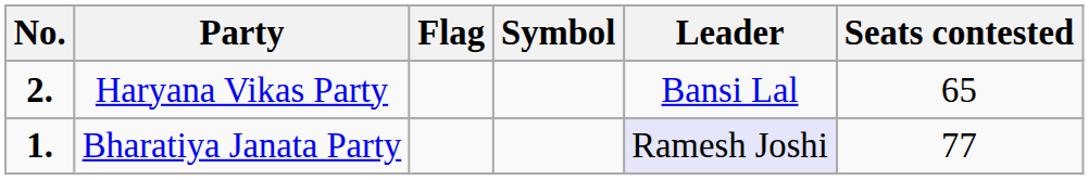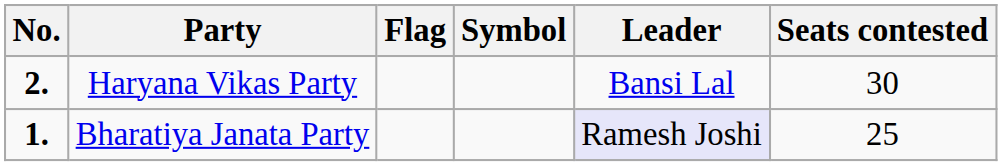 <table class="wikitable">
 <tr>
 <th>No.</th>
 <th>Party</th>
 <th>Flag</th>
 <th>Symbol</th>
 <th>Leader</th>
 <th>Seats contested</th>
 </tr>
 <tr>
 <td ! style="text-align:center; background:"><strong>2.</strong></td>
 <td style="text-align:center"><a href='#'>Haryana Vikas Party</a></td>
 <td></td>
 <td></td>
 <td style="text-align:center"><a href='#'>Bansi Lal</a></td>
-<td style="text-align:center">65</td>
+<td style="text-align:center">30</td>
 </tr>
 <tr>
 <td ! style="text-align:center; background:"><strong>1.</strong></td>
 <td style="text-align:center"><a href='#'>Bharatiya Janata Party</a></td>
 <td></td>
 <td></td>
 <td style="background: lavender; text-align:center">Ramesh Joshi</td>
-<td style="text-align:center">77</td>
+<td style="text-align:center">25</td>
 </tr>
 </table>
